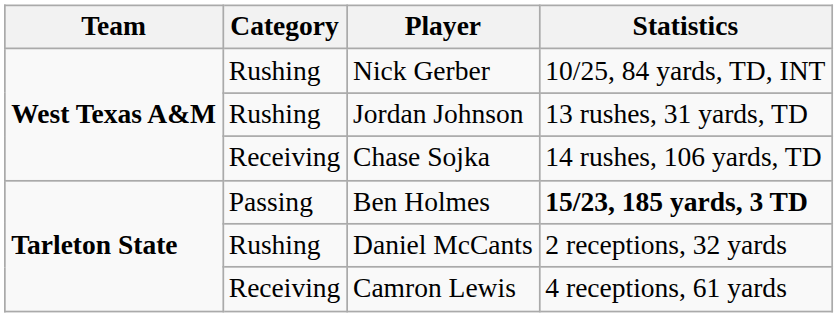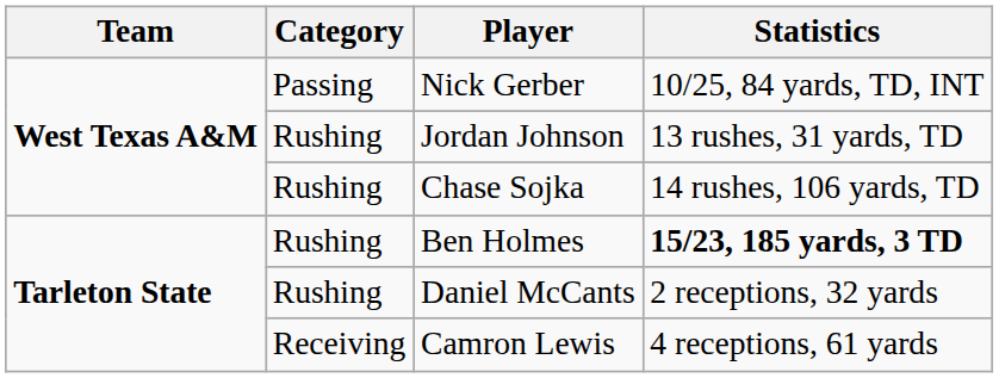 <table class="wikitable" style="float: left;">
 <tr>
 <th>Team</th>
 <th>Category</th>
 <th>Player</th>
 <th>Statistics</th>
 </tr>
 <tr>
 <td rowspan=3><strong>West Texas A&M</strong></td>
-<td>Rushing</td>
+<td>Passing</td>
 <td>Nick Gerber</td>
 <td>10/25, 84 yards, TD, INT</td>
 </tr>
 <tr>
 <td>Rushing</td>
 <td>Jordan Johnson</td>
 <td>13 rushes, 31 yards, TD</td>
 </tr>
 <tr>
-<td>Receiving</td>
+<td>Rushing</td>
 <td>Chase Sojka</td>
 <td>14 rushes, 106 yards, TD</td>
 </tr>
 <tr>
 <td rowspan=3><strong>Tarleton State</strong></td>
-<td>Passing</td>
+<td>Rushing</td>
 <td>Ben Holmes</td>
 <td><strong>15/23, 185 yards, 3 TD</strong></td>
 </tr>
 <tr>
 <td>Rushing</td>
 <td>Daniel McCants</td>
 <td>2 receptions, 32 yards</td>
 </tr>
 <tr>
 <td>Receiving</td>
 <td>Camron Lewis</td>
 <td>4 receptions, 61 yards</td>
 </tr>
 </table>
